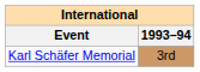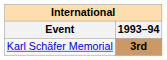 <table class="wikitable" style="text-align:center">
 <tr>
 <th style="background-color: #ffdead; " colspan=2 align=center><strong>International</strong></th>
 </tr>
 <tr>
 <th>Event</th>
 <th>1993–94</th>
 </tr>
 <tr>
 <td align=left><a href='#'>Karl Schäfer Memorial</a></td>
-<td bgcolor=cc9966>3rd</td>
+<td bgcolor=cc9966><strong>3rd</strong></td>
 </tr>
 </table>
